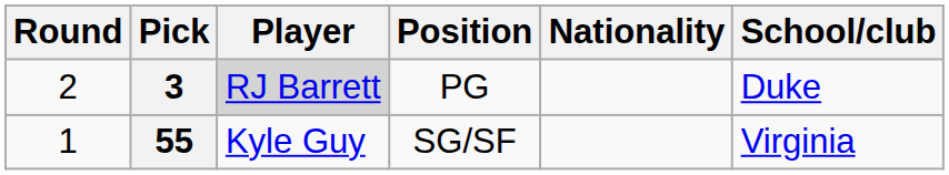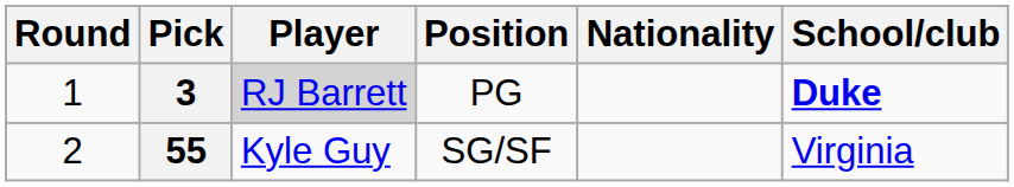 <table class="wikitable">
 <tr>
 <th scope="col">Round</th>
 <th scope="col">Pick</th>
 <th scope="col">Player</th>
 <th scope="col">Position</th>
 <th scope="col">Nationality</th>
 <th scope="col">School/club</th>
 </tr>
 <tr>
-<td style="text-align:center;">2</td>
+<td style="text-align:center;">1</td>
 <th scope="row">3</th>
 <td style="background: lightgrey;"><a href='#'>RJ Barrett</a></td>
 <td style="text-align:center;">PG</td>
 <td></td>
-<td><a href='#'>Duke</a></td>
+<td><strong><a href='#'>Duke</a></strong></td>
 </tr>
 <tr>
-<td style="text-align:center;">1</td>
+<td style="text-align:center;">2</td>
 <th scope="row">55</th>
 <td><a href='#'>Kyle Guy</a></td>
 <td style="text-align:center;">SG/SF</td>
 <td></td>
 <td><a href='#'>Virginia</a></td>
 </tr>
 </table>
